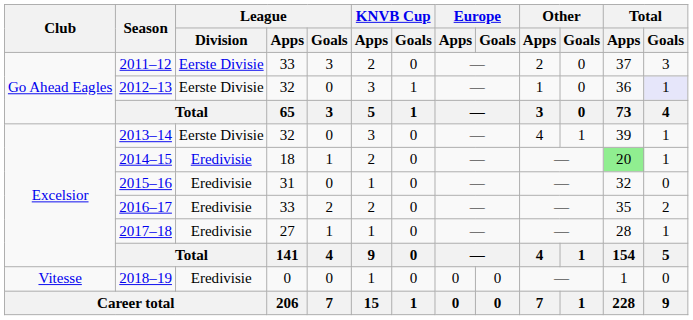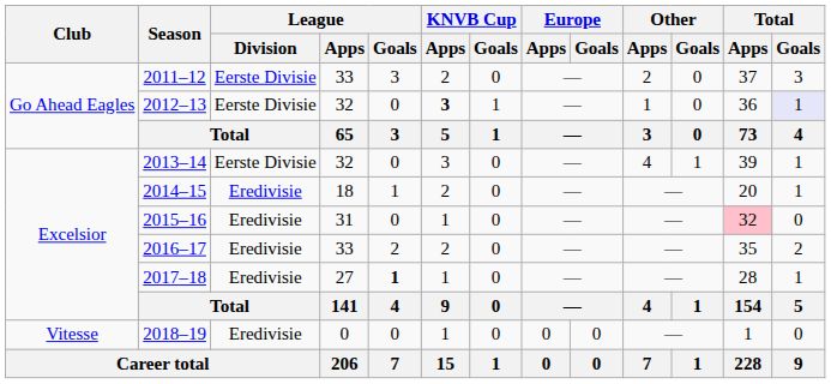 <table class="wikitable" style="text-align: center">
 <tr>
 <th rowspan="2">Club</th>
 <th rowspan="2">Season</th>
 <th colspan="3">League</th>
 <th colspan="2"><a href='#'>KNVB Cup</a></th>
 <th colspan="2"><a href='#'>Europe</a></th>
 <th colspan="2">Other</th>
 <th colspan="2">Total</th>
 </tr>
 <tr>
 <th>Division</th>
 <th>Apps</th>
 <th>Goals</th>
 <th>Apps</th>
 <th>Goals</th>
 <th>Apps</th>
 <th>Goals</th>
 <th>Apps</th>
 <th>Goals</th>
 <th>Apps</th>
 <th>Goals</th>
 </tr>
 <tr>
 <td rowspan="3"><a href='#'>Go Ahead Eagles</a></td>
 <td><a href='#'>2011–12</a></td>
 <td><a href='#'>Eerste Divisie</a></td>
 <td>33</td>
 <td>3</td>
 <td>2</td>
 <td>0</td>
 <td colspan="2">—</td>
 <td>2</td>
 <td>0</td>
 <td>37</td>
 <td>3</td>
 </tr>
 <tr>
 <td><a href='#'>2012–13</a></td>
 <td>Eerste Divisie</td>
 <td>32</td>
 <td>0</td>
-<td>3</td>
+<td><strong>3</strong></td>
 <td>1</td>
 <td colspan="2">—</td>
 <td>1</td>
 <td>0</td>
 <td>36</td>
 <td style="background: lavender;">1</td>
 </tr>
 <tr>
 <th colspan="2">Total</th>
 <th>65</th>
 <th>3</th>
 <th>5</th>
 <th>1</th>
 <th colspan="2">—</th>
 <th>3</th>
 <th>0</th>
 <th>73</th>
 <th>4</th>
 </tr>
 <tr>
 <td rowspan="6"><a href='#'>Excelsior</a></td>
 <td><a href='#'>2013–14</a></td>
 <td>Eerste Divisie</td>
 <td>32</td>
 <td>0</td>
 <td>3</td>
 <td>0</td>
 <td colspan="2">—</td>
 <td>4</td>
 <td>1</td>
 <td>39</td>
 <td>1</td>
 </tr>
 <tr>
 <td><a href='#'>2014–15</a></td>
 <td><a href='#'>Eredivisie</a></td>
 <td>18</td>
 <td>1</td>
 <td>2</td>
 <td>0</td>
 <td colspan="2">—</td>
 <td colspan="2">—</td>
-<td style="background: lightgreen;">20</td>
+<td>20</td>
 <td>1</td>
 </tr>
 <tr>
 <td><a href='#'>2015–16</a></td>
 <td>Eredivisie</td>
 <td>31</td>
 <td>0</td>
 <td>1</td>
 <td>0</td>
 <td colspan="2">—</td>
 <td colspan="2">—</td>
-<td>32</td>
+<td style="background: pink;">32</td>
 <td>0</td>
 </tr>
 <tr>
 <td><a href='#'>2016–17</a></td>
 <td>Eredivisie</td>
 <td>33</td>
 <td>2</td>
 <td>2</td>
 <td>0</td>
 <td colspan="2">—</td>
 <td colspan="2">—</td>
 <td>35</td>
 <td>2</td>
 </tr>
 <tr>
 <td><a href='#'>2017–18</a></td>
 <td>Eredivisie</td>
 <td>27</td>
-<td>1</td>
+<td><strong>1</strong></td>
 <td>1</td>
 <td>0</td>
 <td colspan="2">—</td>
 <td colspan="2">—</td>
 <td>28</td>
 <td>1</td>
 </tr>
 <tr>
 <th colspan="2">Total</th>
 <th>141</th>
 <th>4</th>
 <th>9</th>
 <th>0</th>
 <th colspan="2">—</th>
 <th>4</th>
 <th>1</th>
 <th>154</th>
 <th>5</th>
 </tr>
 <tr>
 <td rowspan="1"><a href='#'>Vitesse</a></td>
 <td><a href='#'>2018–19</a></td>
 <td>Eredivisie</td>
 <td>0</td>
 <td>0</td>
 <td>1</td>
 <td>0</td>
 <td>0</td>
 <td>0</td>
 <td colspan="2">—</td>
 <td>1</td>
 <td>0</td>
 </tr>
 <tr>
 <th colspan="3">Career total</th>
 <th>206</th>
 <th>7</th>
 <th>15</th>
 <th>1</th>
 <th>0</th>
 <th>0</th>
 <th>7</th>
 <th>1</th>
 <th>228</th>
 <th>9</th>
 </tr>
 </table>
